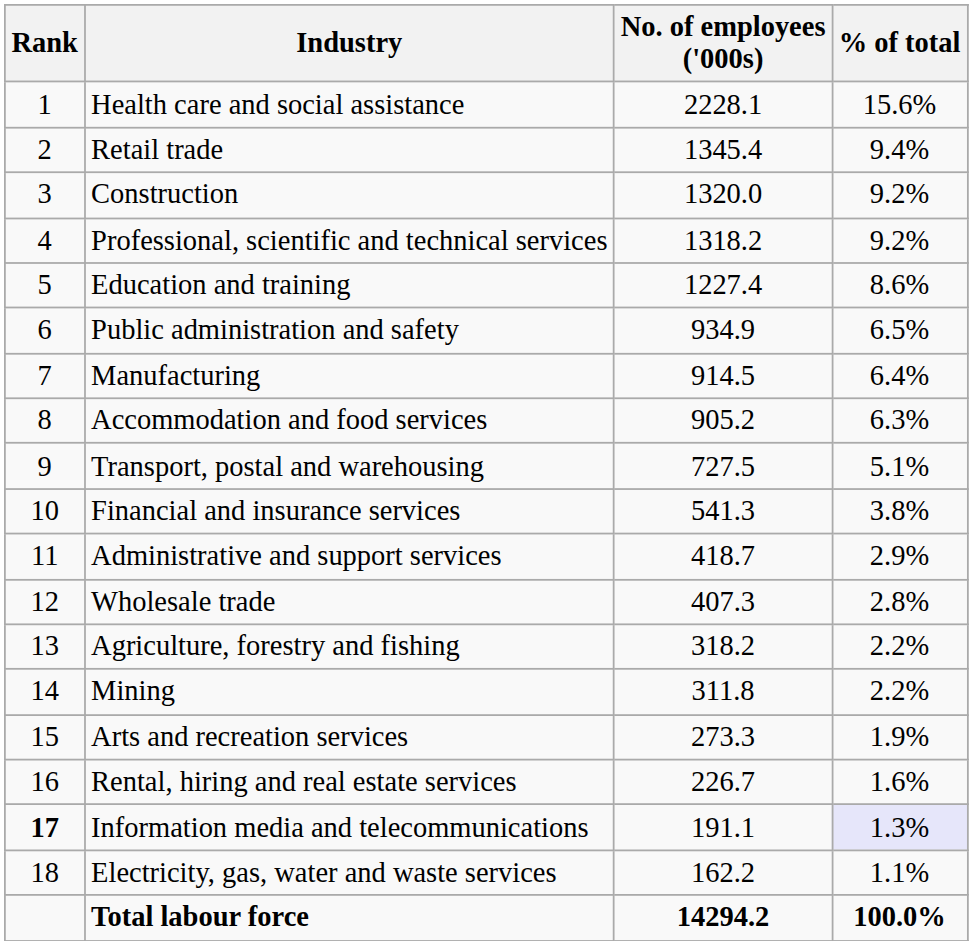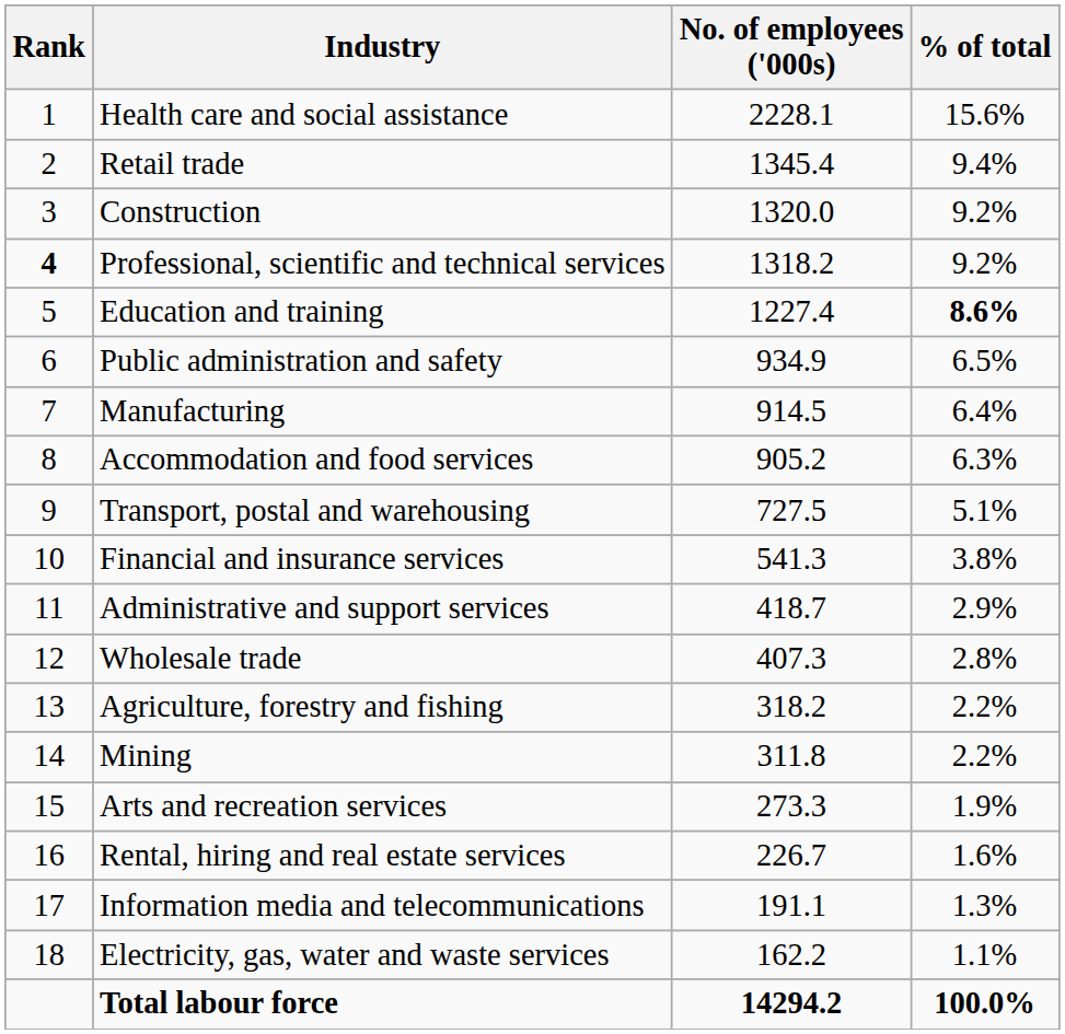 <table class="wikitable sortable" style="text-align:center">
 <tr>
 <th style="width:2em;margin-left:auto;margin-right:auto" ! data-sort-type="number">Rank</th>
 <th>Industry</th>
 <th>No. of employees<br>('000s)</th>
 <th>% of total</th>
 </tr>
 <tr>
 <td>1</td>
 <td align="left";>Health care and social assistance</td>
 <td>2228.1</td>
 <td>15.6%</td>
 </tr>
 <tr>
 <td>2</td>
 <td align="left";>Retail trade</td>
 <td>1345.4</td>
 <td>9.4%</td>
 </tr>
 <tr>
 <td>3</td>
 <td align="left";>Construction</td>
 <td>1320.0</td>
 <td>9.2%</td>
 </tr>
 <tr>
-<td>4</td>
+<td><strong>4</strong></td>
 <td align="left";>Professional, scientific and technical services</td>
 <td>1318.2</td>
 <td>9.2%</td>
 </tr>
 <tr>
 <td>5</td>
 <td align="left";>Education and training</td>
 <td>1227.4</td>
-<td>8.6%</td>
+<td><strong>8.6%</strong></td>
 </tr>
 <tr>
 <td>6</td>
 <td align="left";>Public administration and safety</td>
 <td>934.9</td>
 <td>6.5%</td>
 </tr>
 <tr>
 <td>7</td>
 <td align="left";>Manufacturing</td>
 <td>914.5</td>
 <td>6.4%</td>
 </tr>
 <tr>
 <td>8</td>
 <td align="left";>Accommodation and food services</td>
 <td>905.2</td>
 <td>6.3%</td>
 </tr>
 <tr>
 <td>9</td>
 <td align="left";>Transport, postal and warehousing</td>
 <td>727.5</td>
 <td>5.1%</td>
 </tr>
 <tr>
 <td>10</td>
 <td align="left";>Financial and insurance services</td>
 <td>541.3</td>
 <td>3.8%</td>
 </tr>
 <tr>
 <td>11</td>
 <td align="left";>Administrative and support services</td>
 <td>418.7</td>
 <td>2.9%</td>
 </tr>
 <tr>
 <td>12</td>
 <td align="left";>Wholesale trade</td>
 <td>407.3</td>
 <td>2.8%</td>
 </tr>
 <tr>
 <td>13</td>
 <td align="left";>Agriculture, forestry and fishing</td>
 <td>318.2</td>
 <td>2.2%</td>
 </tr>
 <tr>
 <td>14</td>
 <td align="left";>Mining</td>
 <td>311.8</td>
 <td>2.2%</td>
 </tr>
 <tr>
 <td>15</td>
 <td align="left";>Arts and recreation services</td>
 <td>273.3</td>
 <td>1.9%</td>
 </tr>
 <tr>
 <td>16</td>
 <td align="left";>Rental, hiring and real estate services</td>
 <td>226.7</td>
 <td>1.6%</td>
 </tr>
 <tr>
-<td><strong>17</strong></td>
+<td>17</td>
 <td align="left";>Information media and telecommunications</td>
 <td>191.1</td>
-<td style="background: lavender;">1.3%</td>
+<td>1.3%</td>
 </tr>
 <tr>
 <td>18</td>
 <td align="left";>Electricity, gas, water and waste services</td>
 <td>162.2</td>
 <td>1.1%</td>
 </tr>
 <tr>
 <td></td>
 <td align="left";><strong>Total labour force</strong></td>
 <td><strong>14294.2</strong></td>
 <td><strong>100.0%</strong></td>
 </tr>
 <tr>
 </tr>
 </table>
